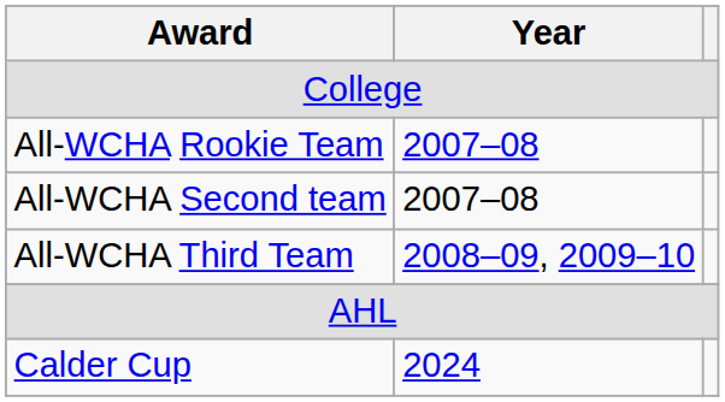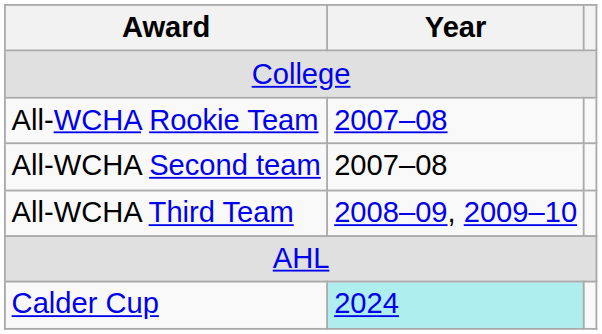 <table class="wikitable">
 <tr>
 <th>Award</th>
 <th>Year</th>
 <th></th>
 </tr>
 <tr ALIGN="center" bgcolor="#e0e0e0">
 <td colspan="3"><a href='#'>College</a></td>
 </tr>
 <tr>
 <td>All-<a href='#'>WCHA</a> <a href='#'>Rookie Team</a></td>
 <td><a href='#'>2007–08</a></td>
 <td></td>
 </tr>
 <tr>
 <td>All-WCHA <a href='#'>Second team</a></td>
 <td>2007–08</td>
 <td></td>
 </tr>
 <tr>
 <td>All-WCHA <a href='#'>Third Team</a></td>
 <td><a href='#'>2008–09</a>, <a href='#'>2009–10</a></td>
 <td></td>
 </tr>
 <tr ALIGN="center" bgcolor="#e0e0e0">
 <td colspan="3"><a href='#'>AHL</a></td>
 </tr>
 <tr>
 <td><a href='#'>Calder Cup</a></td>
-<td><a href='#'>2024</a></td>
+<td style="background: paleturquoise;"><a href='#'>2024</a></td>
 <td></td>
 </tr>
 </table>
